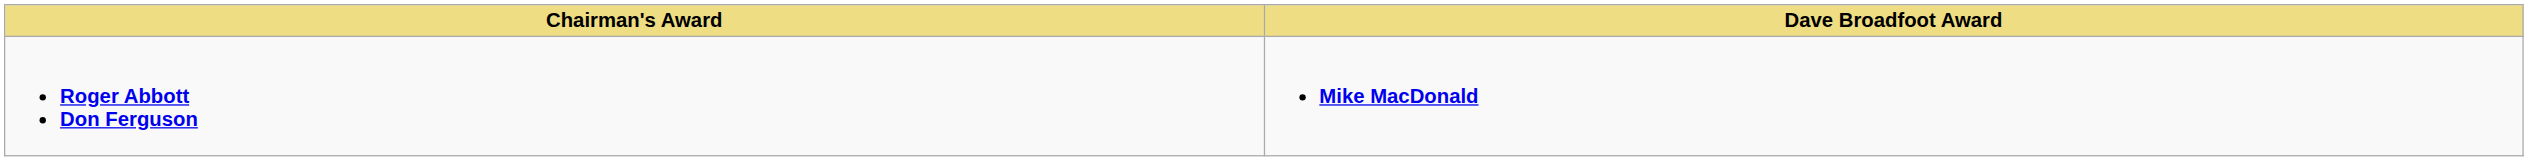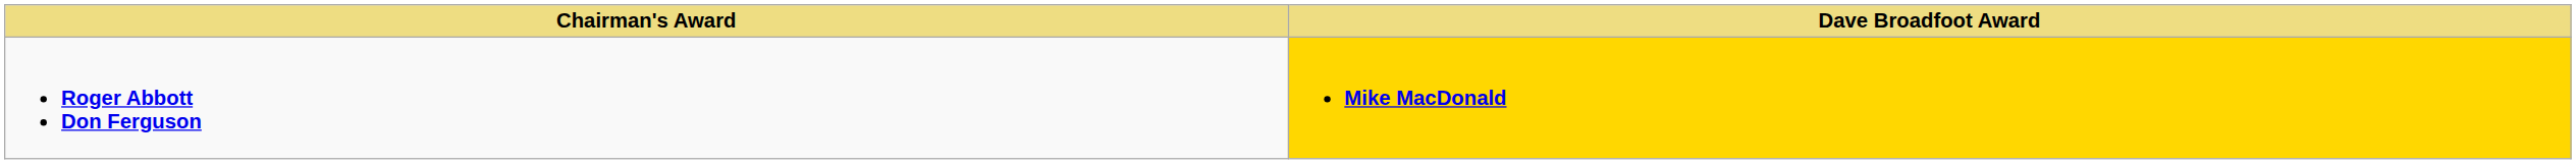 <table class="wikitable" style="width:100%;">
 <tr>
 <th style="background:#EEDD82; width:50%">Chairman's Award</th>
 <th style="background:#EEDD82; width:50%">Dave Broadfoot Award</th>
 </tr>
 <tr>
 <td valign="top"><br><ul><li> <strong><a href='#'>Roger Abbott</a></strong></li><li> <strong><a href='#'>Don Ferguson</a></strong></li></ul></td>
-<td valign="top"><br><ul><li> <strong><a href='#'>Mike MacDonald</a></strong></li></ul></td>
+<td valign="top" style="background: gold;"><br><ul><li> <strong><a href='#'>Mike MacDonald</a></strong></li></ul></td>
 </tr>
 </table>
